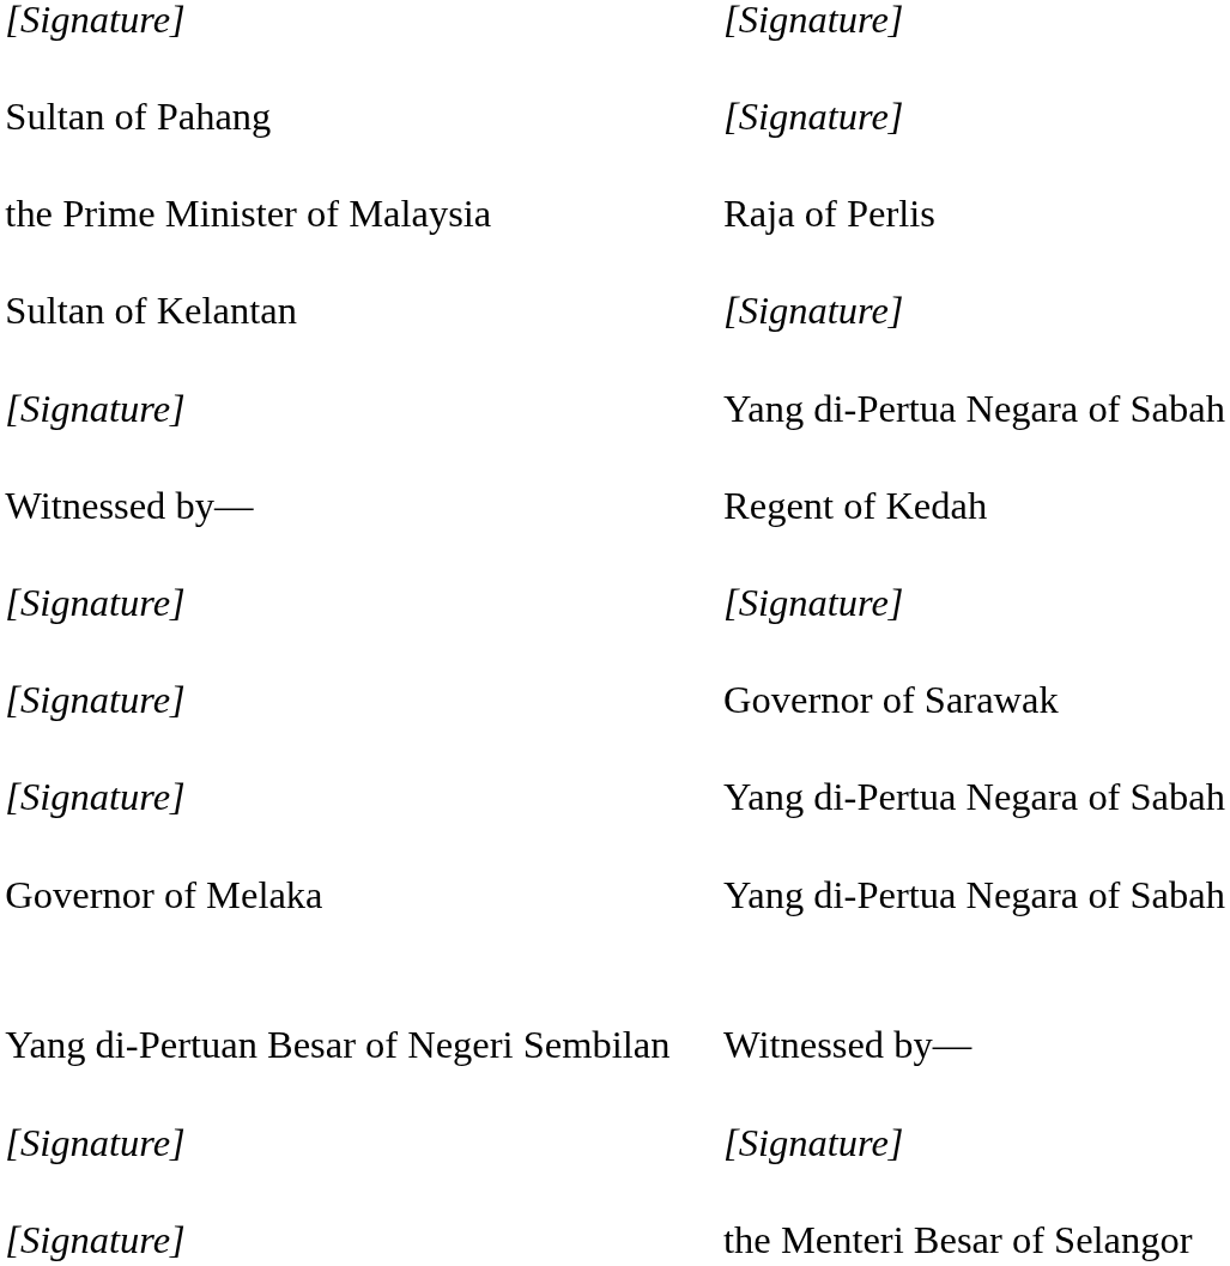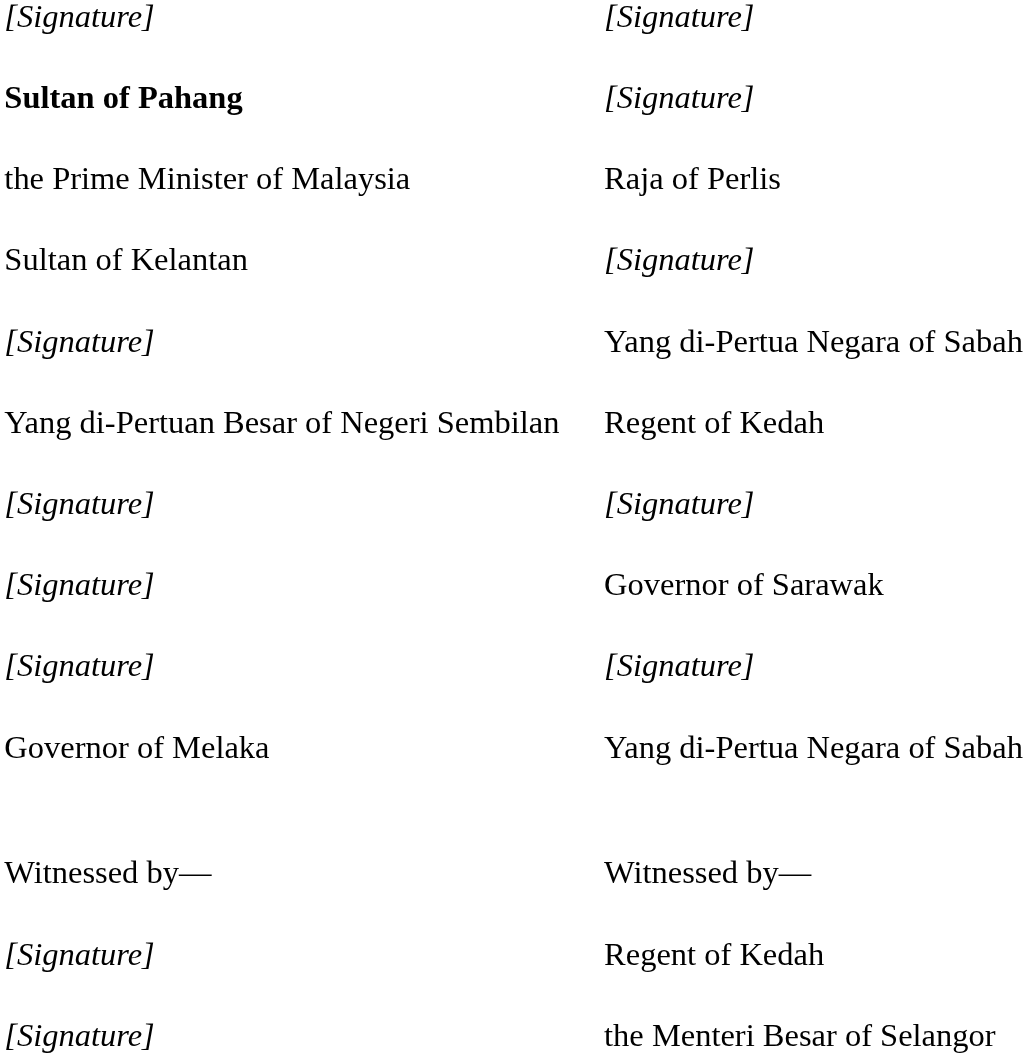 <table cellpadding=10; style="border-style: none;">
 <tr>
 <td><em>[Signature]</em></td>
 <td><em>[Signature]</em></td>
 </tr>
 <tr>
-<td>Sultan of Pahang</td>
+<td><strong>Sultan of Pahang</strong></td>
 <td><em>[Signature]</em></td>
 </tr>
 <tr>
 <td>the Prime Minister of Malaysia</td>
 <td>Raja of Perlis</td>
 </tr>
 <tr>
 <td>Sultan of Kelantan</td>
 <td><em>[Signature]</em></td>
 </tr>
 <tr>
 <td><em>[Signature]</em></td>
 <td>Yang di-Pertua Negara of Sabah</td>
 </tr>
 <tr>
-<td>Witnessed by—</td>
+<td>Yang di-Pertuan Besar of Negeri Sembilan</td>
 <td>Regent of Kedah</td>
 </tr>
 <tr>
 <td><em>[Signature]</em></td>
 <td><em>[Signature]</em></td>
 </tr>
 <tr>
 <td><em>[Signature]</em></td>
 <td>Governor of Sarawak</td>
 </tr>
 <tr>
 <td><em>[Signature]</em></td>
-<td>Yang di-Pertua Negara of Sabah</td>
+<td><em>[Signature]</em></td>
 </tr>
 <tr>
 <td>Governor of Melaka</td>
 <td>Yang di-Pertua Negara of Sabah</td>
 </tr>
 <tr>
 <td></td>
 <td></td>
 </tr>
 <tr>
-<td>Yang di-Pertuan Besar of Negeri Sembilan</td>
+<td>Witnessed by—</td>
 <td>Witnessed by—</td>
 </tr>
 <tr>
 <td><em>[Signature]</em></td>
-<td><em>[Signature]</em></td>
+<td>Regent of Kedah</td>
 </tr>
 <tr>
 <td><em>[Signature]</em></td>
 <td>the Menteri Besar of Selangor</td>
 </tr>
 </table>
